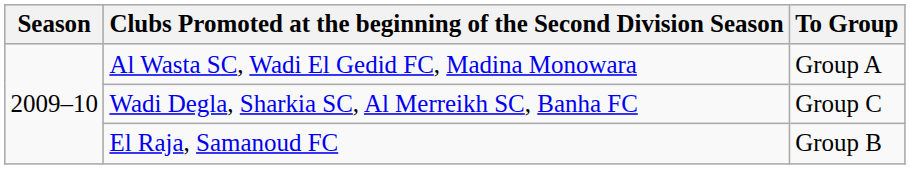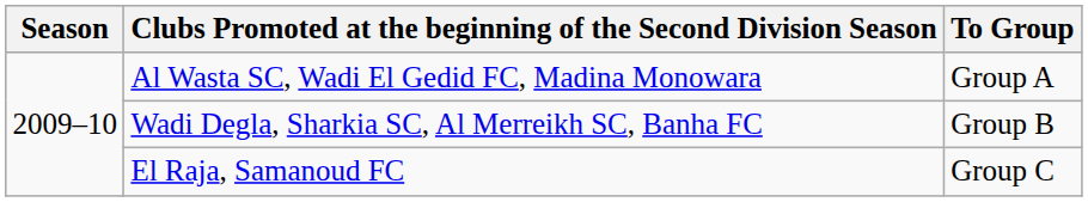 <table class="wikitable" style="text–align:left;">
 <tr>
 <th>Season</th>
 <th>Clubs Promoted at the beginning of the Second Division Season</th>
 <th>To Group</th>
 </tr>
 <tr>
 <td rowspan="3">2009–10</td>
 <td><a href='#'>Al Wasta SC</a>, <a href='#'>Wadi El Gedid FC</a>, <a href='#'>Madina Monowara</a></td>
 <td>Group A</td>
 </tr>
 <tr>
 <td><a href='#'>Wadi Degla</a>, <a href='#'>Sharkia SC</a>, <a href='#'>Al Merreikh SC</a>, <a href='#'>Banha FC</a></td>
-<td>Group C</td>
+<td>Group B</td>
 </tr>
 <tr>
 <td><a href='#'>El Raja</a>, <a href='#'>Samanoud FC</a></td>
-<td>Group B</td>
+<td>Group C</td>
 </tr>
 </table>
